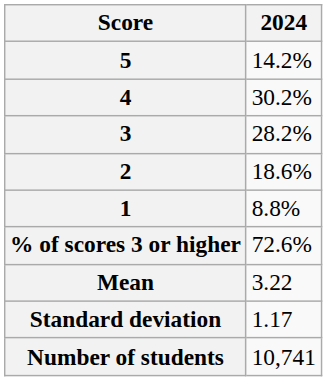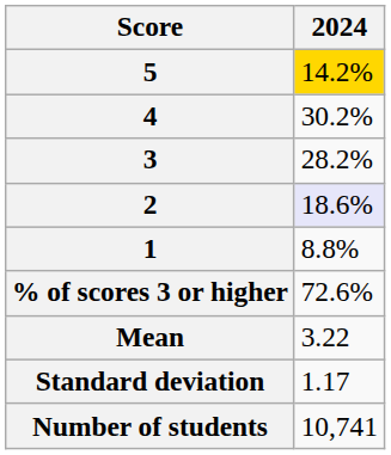 <table class="wikitable">
 <tr>
 <th>Score</th>
 <th>2024</th>
 </tr>
 <tr>
 <th>5</th>
-<td>14.2%</td>
+<td style="background: gold;">14.2%</td>
 </tr>
 <tr>
 <th>4</th>
 <td>30.2%</td>
 </tr>
 <tr>
 <th>3</th>
 <td>28.2%</td>
 </tr>
 <tr>
 <th>2</th>
-<td>18.6%</td>
+<td style="background: lavender;">18.6%</td>
 </tr>
 <tr>
 <th>1</th>
 <td>8.8%</td>
 </tr>
 <tr>
 <th>% of scores 3 or higher</th>
 <td>72.6%</td>
 </tr>
 <tr>
 <th>Mean</th>
 <td>3.22</td>
 </tr>
 <tr>
 <th>Standard deviation</th>
 <td>1.17</td>
 </tr>
 <tr>
 <th>Number of students</th>
 <td>10,741</td>
 </tr>
 </table>
